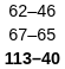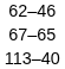 <table style="text-align:center">
 <tr>
 <th width=200></th>
 <th width=100></th>
 <th width=200></th>
 <th></th>
 </tr>
 <tr>
 <td align=right><strong></strong></td>
 <td>62–46</td>
 <td align=left></td>
 </tr>
 <tr>
 <td align=right><strong></strong></td>
 <td>67–65</td>
 <td align=left></td>
 </tr>
 <tr>
 <td align=right><strong></strong></td>
-<td><strong>113–40</strong></td>
+<td>113–40</td>
 <td align=left></td>
 </tr>
 </table>
